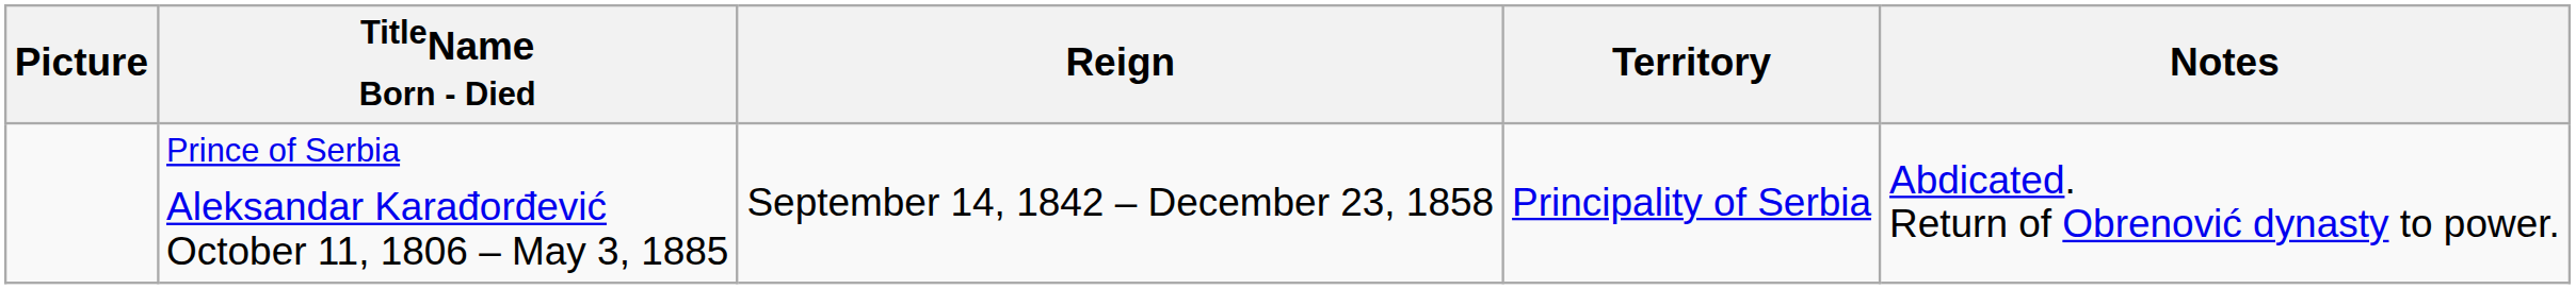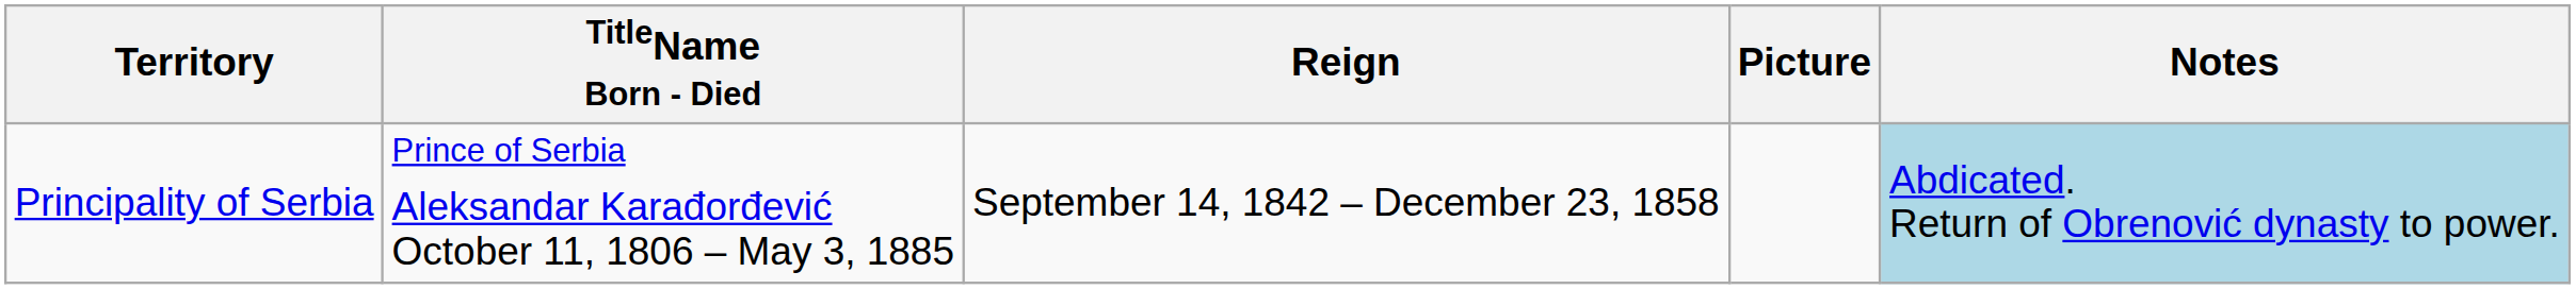 <table class="wikitable">
 <tr>
-<th>Picture</th>
+<th>Territory</th>
 <th><sup>Title</sup>Name<br><small>Born - Died</small></th>
 <th>Reign</th>
-<th>Territory</th>
+<th>Picture</th>
 <th>Notes</th>
 </tr>
 <tr ->
-<td></td>
+<td><a href='#'>Principality of Serbia</a></td>
 <td><sup><a href='#'>Prince of Serbia</a></sup><br> <a href='#'>Aleksandar Karađorđević</a><br> October 11, 1806 – May 3, 1885</td>
 <td>September 14, 1842 – December 23, 1858</td>
-<td><a href='#'>Principality of Serbia</a></td>
-<td><a href='#'>Abdicated</a>. <br> Return of <a href='#'>Obrenović dynasty</a> to power.</td>
+<td></td>
+<td style="background: lightblue;"><a href='#'>Abdicated</a>. <br> Return of <a href='#'>Obrenović dynasty</a> to power.</td>
 </tr>
 </table>
